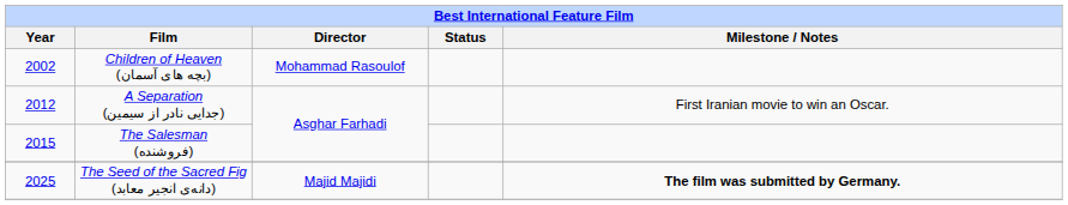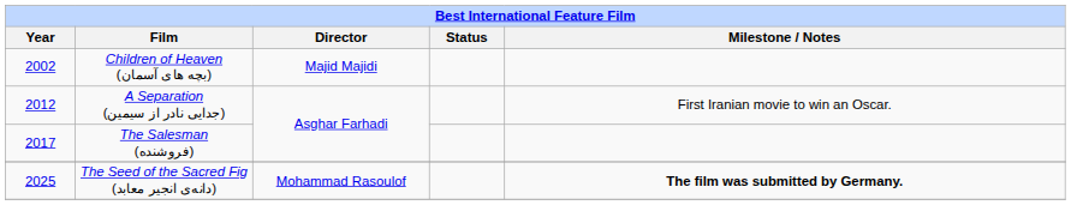 <table class="wikitable" style="text-align: center">
 <tr style="background:#bfd7ff;">
 <td colspan="6" style="text-align:center;"><strong><a href='#'>Best International Feature Film</a></strong></td>
 </tr>
 <tr style="background:#ebf5ff;">
 <th style="width:075px;">Year</th>
 <th style="width:200px;">Film</th>
 <th style="width:200px;">Director</th>
 <th style="width:080px;">Status</th>
 <th style="width:650px;">Milestone / Notes</th>
 </tr>
 <tr>
 <td><a href='#'>2002</a></td>
 <td><em><a href='#'>Children of Heaven</a></em><br>(بچه های آسمان)</td>
-<td><a href='#'>Mohammad Rasoulof</a></td>
+<td><a href='#'>Majid Majidi</a></td>
 <td></td>
 <td></td>
 </tr>
 <tr>
 <td><a href='#'>2012</a></td>
 <td><em><a href='#'>A Separation</a></em><br>(جدایی نادر از سیمین)</td>
 <td rowspan="2"><a href='#'>Asghar Farhadi</a></td>
 <td></td>
 <td>First Iranian movie to win an Oscar.</td>
 </tr>
 <tr>
-<td><a href='#'>2015</a></td>
+<td><a href='#'>2017</a></td>
 <td><em><a href='#'>The Salesman</a></em><br>(فروشنده)</td>
 <td></td>
 <td></td>
 </tr>
 <tr>
 </tr>
 <tr>
 <td><a href='#'>2025</a></td>
 <td><em><a href='#'>The Seed of the Sacred Fig</a></em><br>(دانه‌ی انجیر معابد)</td>
-<td><a href='#'>Majid Majidi</a></td>
+<td><a href='#'>Mohammad Rasoulof</a></td>
 <td></td>
 <td><strong>The film was submitted by Germany.</strong></td>
 </tr>
 <tr>
 </tr>
 </table>
